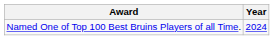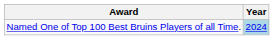 <table class="wikitable">
 <tr>
 <th>Award</th>
 <th>Year</th>
 </tr>
 <tr>
 <td><a href='#'>Named One of Top 100 Best Bruins Players of all Time</a>.</td>
-<td><a href='#'>2024</a></td>
+<td style="background: lightblue;"><a href='#'>2024</a></td>
 </tr>
 </table>
